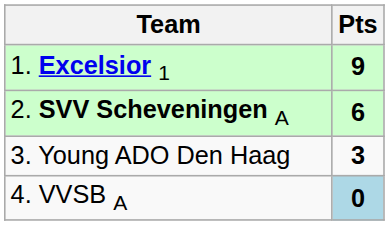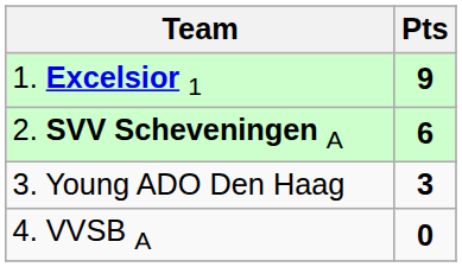 <table class="wikitable" style="text-align:center; float:left; margin-right:1em">
 <tr>
 <th style="width:200px">Team</th>
 <th width=20>Pts</th>
 </tr>
 <tr bgcolor=ccffcc>
 <td align=left>1. <strong><a href='#'>Excelsior</a></strong> <sub>1</sub></td>
 <td><strong>9</strong></td>
 </tr>
 <tr bgcolor=ccffcc>
 <td align=left>2. <strong>SVV Scheveningen</strong> <sub>A</sub></td>
 <td><strong>6</strong></td>
 </tr>
 <tr>
 <td align=left>3. Young ADO Den Haag</td>
 <td><strong>3</strong></td>
 </tr>
 <tr>
 <td align=left>4. VVSB <sub>A</sub></td>
-<td style="background: lightblue;"><strong>0</strong></td>
+<td><strong>0</strong></td>
 </tr>
 </table>
